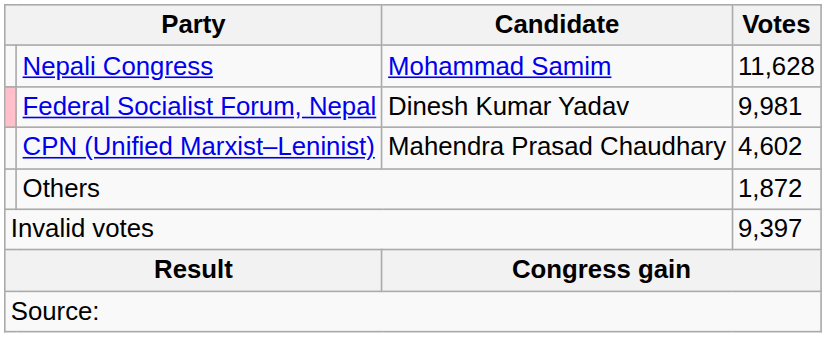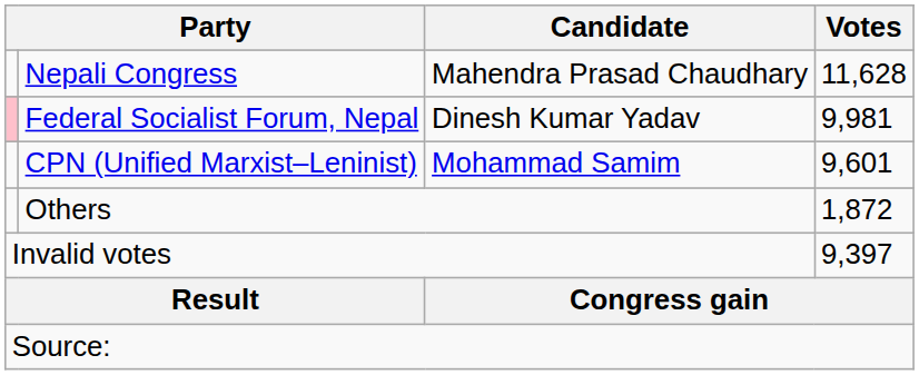 <table class="wikitable">
 <tr>
 <th colspan="2">Party</th>
 <th>Candidate</th>
 <th>Votes</th>
 </tr>
 <tr>
 <td style="background-color:"></td>
 <td><a href='#'>Nepali Congress</a></td>
-<td><a href='#'>Mohammad Samim</a></td>
+<td>Mahendra Prasad Chaudhary</td>
 <td>11,628</td>
 </tr>
 <tr>
 <td style="background-color:pink"></td>
 <td><a href='#'>Federal Socialist Forum, Nepal</a></td>
 <td>Dinesh Kumar Yadav</td>
 <td>9,981</td>
 </tr>
 <tr>
 <td style="background-color:"></td>
 <td><a href='#'>CPN (Unified Marxist–Leninist)</a></td>
-<td>Mahendra Prasad Chaudhary</td>
-<td>4,602</td>
+<td><a href='#'>Mohammad Samim</a></td>
+<td>9,601</td>
 </tr>
 <tr>
 <td></td>
 <td colspan="2">Others</td>
 <td>1,872</td>
 </tr>
 <tr>
 <td colspan="3">Invalid votes</td>
 <td>9,397</td>
 </tr>
 <tr>
 <th colspan="2">Result</th>
 <th colspan="2">Congress gain</th>
 </tr>
 <tr>
 <td colspan="4">Source: </td>
 </tr>
 </table>
